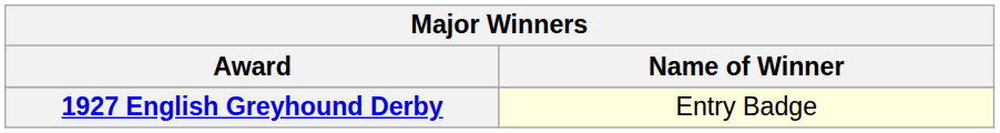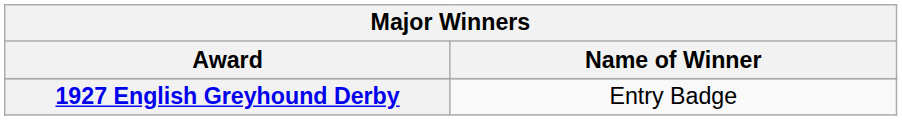 <table class="wikitable">
 <tr>
 <th colspan="2">Major Winners</th>
 </tr>
 <tr>
 <th width=300>Award</th>
 <th width=300>Name of Winner</th>
 </tr>
 <tr>
 </tr>
 <tr align=center>
 <th><a href='#'>1927 English Greyhound Derby</a></th>
-<td style="background: lightyellow;">Entry Badge</td>
+<td>Entry Badge</td>
 </tr>
 </table>
